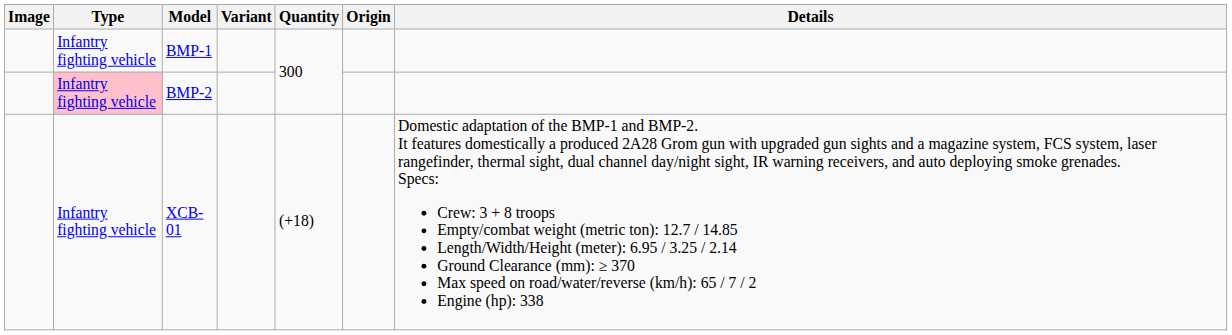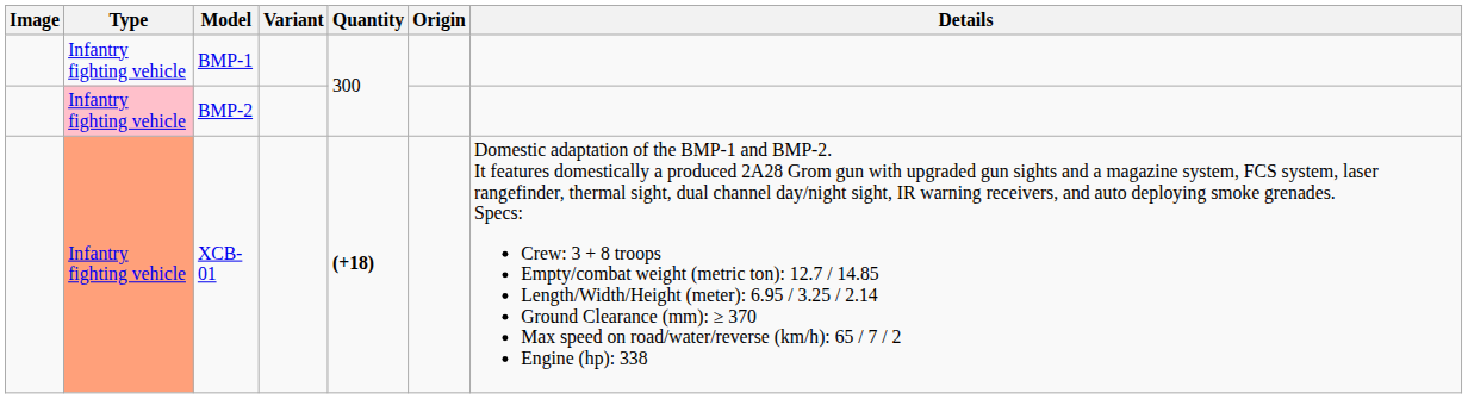 <table class="wikitable">
 <tr>
 <th>Image</th>
 <th>Type</th>
 <th>Model</th>
 <th>Variant</th>
 <th>Quantity</th>
 <th>Origin</th>
 <th>Details</th>
 </tr>
 <tr>
 <td></td>
 <td><a href='#'>Infantry fighting vehicle</a></td>
 <td><a href='#'>BMP-1</a></td>
 <td></td>
 <td rowspan="2">300</td>
 <td></td>
 <td></td>
 </tr>
 <tr>
 <td></td>
 <td style="background: pink;"><a href='#'>Infantry fighting vehicle</a></td>
 <td><a href='#'>BMP-2</a></td>
 <td></td>
 <td></td>
 <td></td>
 </tr>
 <tr>
 <td></td>
-<td><a href='#'>Infantry fighting vehicle</a></td>
+<td style="background: lightsalmon;"><a href='#'>Infantry fighting vehicle</a></td>
 <td><a href='#'>XCB-01</a></td>
 <td></td>
-<td>(+18)</td>
+<td><strong>(+18)</strong></td>
 <td></td>
 <td>Domestic adaptation of the BMP-1 and BMP-2.<br>It features domestically a produced 2A28 Grom gun with upgraded gun sights and a magazine system, FCS system, laser rangefinder, thermal sight, dual channel day/night sight, IR warning receivers, and auto deploying smoke grenades.<br>Specs:<ul><li>Crew: 3 + 8 troops</li><li>Empty/combat weight (metric ton): 12.7 / 14.85</li><li>Length/Width/Height (meter): 6.95 / 3.25 / 2.14</li><li>Ground Clearance (mm): ≥ 370</li><li>Max speed on road/water/reverse (km/h): 65 / 7 / 2</li><li>Engine (hp): 338</li></ul></td>
 </tr>
 </table>
